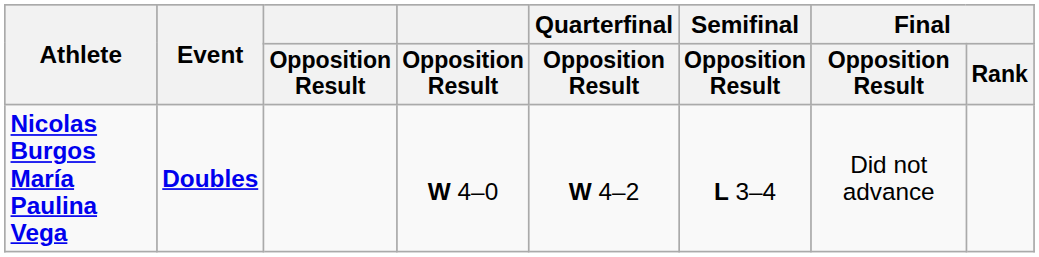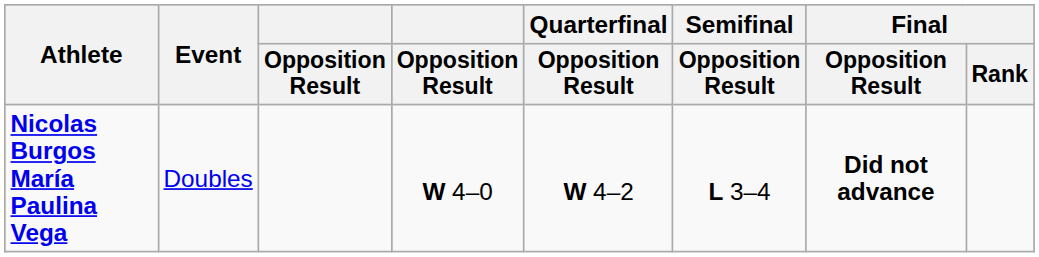 <table class=wikitable style=font-size:90%;text-align:center>
 <tr>
 <th rowspan=2>Athlete</th>
 <th rowspan=2>Event</th>
 <th></th>
 <th></th>
 <th>Quarterfinal</th>
 <th>Semifinal</th>
 <th colspan=2>Final</th>
 </tr>
 <tr style=font-size:95%>
 <th>Opposition<br>Result</th>
 <th>Opposition<br>Result</th>
 <th>Opposition<br>Result</th>
 <th>Opposition<br>Result</th>
 <th>Opposition<br>Result</th>
 <th>Rank</th>
 </tr>
 <tr>
 <td style="text-align:left"><strong><a href='#'>Nicolas Burgos</a><br><a href='#'>María Paulina Vega</a></strong></td>
-<td style="text-align:left"><strong><a href='#'>Doubles</a></strong></td>
+<td style="text-align:left"><a href='#'>Doubles</a></td>
 <td></td>
 <td><br><strong>W</strong> 4–0</td>
 <td><br><strong>W</strong> 4–2</td>
 <td><br><strong>L</strong> 3–4</td>
-<td>Did not advance</td>
+<td><strong>Did not advance</strong></td>
 <td></td>
 </tr>
 </table>
